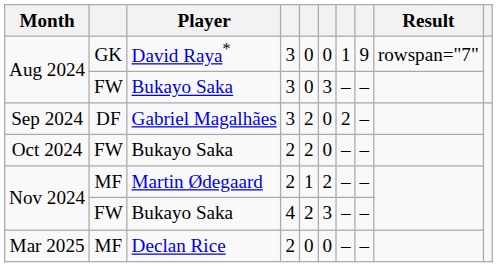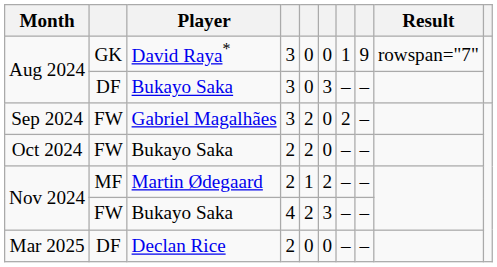 <table class="wikitable sortable" style="text-align:center; font-size:95%;">
 <tr>
 <th>Month</th>
 <th></th>
 <th>Player</th>
 <th></th>
 <th></th>
 <th></th>
 <th></th>
 <th></th>
 <th>Result</th>
 <th class="unsortable"></th>
 </tr>
 <tr>
 <td rowspan="2" data-sort-value="1">Aug 2024</td>
 <td>GK</td>
 <td style="text-align:left;" data-sort-value="Raya"> <a href='#'>David Raya</a><sup>*</sup></td>
 <td>3</td>
 <td>0</td>
 <td>0</td>
 <td>1</td>
 <td>9</td>
 <td>rowspan="7" </td>
 <td rowspan="2"></td>
 </tr>
 <tr>
-<td>FW</td>
+<td>DF</td>
 <td style="text-align:left;" data-sort-value="Saka"> <a href='#'>Bukayo Saka</a></td>
 <td>3</td>
 <td>0</td>
 <td>3</td>
 <td>–</td>
 <td>–</td>
 </tr>
 <tr>
 <td data-sort-value="2">Sep 2024</td>
-<td>DF</td>
+<td>FW</td>
 <td style="text-align:left;" data-sort-value="Maga"> <a href='#'>Gabriel Magalhães</a></td>
 <td>3</td>
 <td>2</td>
 <td>0</td>
 <td>2</td>
 <td>–</td>
 <td></td>
 </tr>
 <tr>
 <td data-sort-value="3">Oct 2024</td>
 <td>FW</td>
 <td style="text-align:left;" data-sort-value="Saka"> Bukayo Saka</td>
 <td>2</td>
 <td>2</td>
 <td>0</td>
 <td>–</td>
 <td>–</td>
 <td></td>
 </tr>
 <tr>
 <td rowspan="2" data-sort-value="4">Nov 2024</td>
 <td>MF</td>
 <td style="text-align:left;" data-sort-value="Odeg"> <a href='#'>Martin Ødegaard</a></td>
 <td>2</td>
 <td>1</td>
 <td>2</td>
 <td>–</td>
 <td>–</td>
 <td rowspan="2"></td>
 </tr>
 <tr>
 <td>FW</td>
 <td style="text-align:left;" data-sort-value="Saka"> Bukayo Saka</td>
 <td>4</td>
 <td>2</td>
 <td>3</td>
 <td>–</td>
 <td>–</td>
 </tr>
 <tr>
 <td data-sort-value="5">Mar 2025</td>
-<td>MF</td>
+<td>DF</td>
 <td style="text-align:left;" data-sort-value="Rice"> <a href='#'>Declan Rice</a></td>
 <td>2</td>
 <td>0</td>
 <td>0</td>
 <td>–</td>
 <td>–</td>
 <td></td>
 </tr>
 </table>
